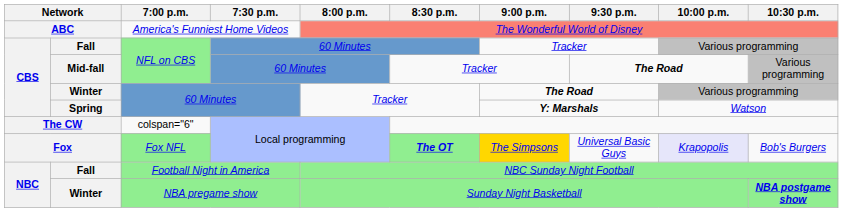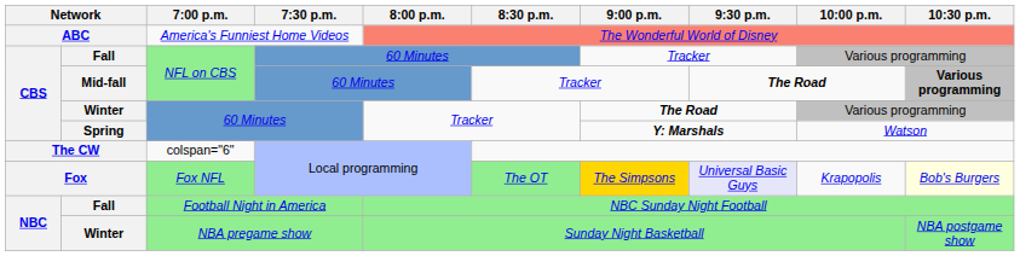 <table class="wikitable" style="width:100%;margin-right:0;text-align:center">
 <tr>
 <th colspan="2" style="width:13%;">Network</th>
 <th style="width:10%;">7:00 p.m.</th>
 <th style="width:10%;">7:30 p.m.</th>
 <th style="width:10%;">8:00 p.m.</th>
 <th style="width:10%;">8:30 p.m.</th>
 <th style="width:10%;">9:00 p.m.</th>
 <th style="width:10%;">9:30 p.m.</th>
 <th style="width:10%;">10:00 p.m.</th>
 <th style="width:10%;">10:30 p.m.</th>
 </tr>
 <tr>
 <th colspan="2"><a href='#'>ABC</a></th>
 <td colspan="2"><em><a href='#'>America's Funniest Home Videos</a></em></td>
 <td colspan="6" style="background:#FA8072"><em><a href='#'>The Wonderful World of Disney</a></em></td>
 </tr>
 <tr>
 <th rowspan="4"><a href='#'>CBS</a></th>
 <th>Fall</th>
 <td rowspan="2" style="background:lightgreen"><em><a href='#'>NFL on CBS</a></em>  </td>
 <td colspan="3" style="background:#6699CC;"><em><a href='#'>60 Minutes</a></em></td>
 <td colspan="2"><em><a href='#'>Tracker</a></em></td>
 <td colspan="2" style="background:#C0C0C0;">Various programming</td>
 </tr>
 <tr>
 <th>Mid-fall</th>
 <td colspan="2" style="background:#6699CC;"><em><a href='#'>60 Minutes</a></em></td>
 <td colspan="2"><em><a href='#'>Tracker</a></em></td>
 <td colspan="2"><strong><em>The Road</em></strong></td>
-<td style="background:#C0C0C0;">Various programming</td>
+<td style="background:#C0C0C0;"><strong>Various programming</strong></td>
 </tr>
 <tr>
 <th>Winter</th>
 <td rowspan="2" colspan="2" style="background:#6699CC;"><em><a href='#'>60 Minutes</a></em></td>
 <td rowspan="2" colspan="2"><em><a href='#'>Tracker</a></em></td>
 <td colspan="2"><strong><em>The Road</em></strong></td>
 <td colspan="2" style="background:#C0C0C0;">Various programming</td>
 </tr>
 <tr>
 <th>Spring</th>
 <td colspan="2"><strong><em>Y: Marshals</em></strong></td>
 <td colspan="2"><em><a href='#'>Watson</a></em></td>
 </tr>
 <tr>
 <th colspan="2"><a href='#'>The CW</a></th>
 <td>colspan="6" <br></td>
 <td rowspan="2" colspan="2" style="background:#abbfff;">Local programming</td>
 </tr>
 <tr>
 <th colspan="2"><a href='#'>Fox</a></th>
 <td style="background:lightgreen"><em><a href='#'>Fox NFL</a></em>  </td>
-<td style="background:lightgreen"><strong><em><a href='#'>The OT</a></em> </strong></td>
+<td style="background:lightgreen"><em><a href='#'>The OT</a></em> </td>
 <td style="background: gold;"><em><a href='#'>The Simpsons</a></em></td>
-<td><em><a href='#'>Universal Basic Guys</a></em></td>
-<td style="background: lavender;"><em><a href='#'>Krapopolis</a></em></td>
-<td><em><a href='#'>Bob's Burgers</a></em></td>
+<td style="background: lavender;"><em><a href='#'>Universal Basic Guys</a></em></td>
+<td><em><a href='#'>Krapopolis</a></em></td>
+<td style="background: lightyellow;"><em><a href='#'>Bob's Burgers</a></em></td>
 </tr>
 <tr>
 <th rowspan="2"><a href='#'>NBC</a></th>
 <th>Fall</th>
 <td colspan="2" style="background:lightgreen"><em><a href='#'>Football Night in America</a></em> </td>
 <td colspan="6" style="background:lightgreen"><em><a href='#'>NBC Sunday Night Football</a></em>  </td>
 </tr>
 <tr>
 <th>Winter</th>
 <td colspan="2" style="background:lightgreen;"><em><a href='#'>NBA pregame show</a></em></td>
 <td colspan="5" style="background:lightgreen;"><em><a href='#'>Sunday Night Basketball</a></em></td>
-<td style="background:lightgreen;"><strong><em><a href='#'>NBA postgame show</a></em></strong></td>
+<td style="background:lightgreen;"><em><a href='#'>NBA postgame show</a></em></td>
 </tr>
 </table>
